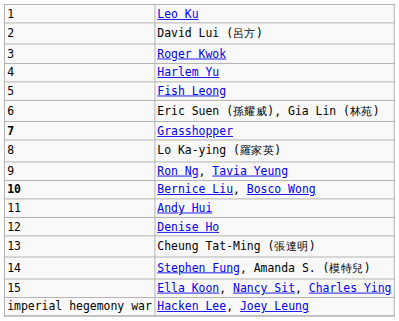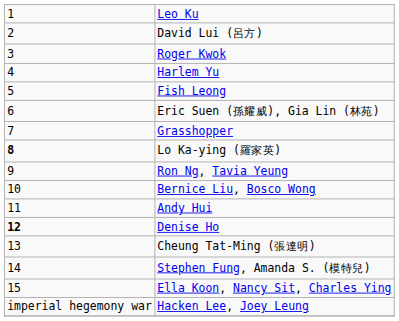 <table class="wikitable">
 <tr>
 <td>1</td>
 <td><a href='#'>Leo Ku</a></td>
 </tr>
 <tr>
 <td>2</td>
 <td>David Lui (呂方)</td>
 </tr>
 <tr>
 <td>3</td>
 <td><a href='#'>Roger Kwok</a></td>
 </tr>
 <tr>
 <td>4</td>
 <td><a href='#'>Harlem Yu</a></td>
 </tr>
 <tr>
 <td>5</td>
 <td><a href='#'>Fish Leong</a></td>
 </tr>
 <tr>
 <td>6</td>
 <td>Eric Suen (孫耀威), Gia Lin (林苑)</td>
 </tr>
 <tr>
-<td><strong>7</strong></td>
+<td>7</td>
 <td><a href='#'>Grasshopper</a></td>
 </tr>
 <tr>
-<td>8</td>
+<td><strong>8</strong></td>
 <td>Lo Ka-ying (羅家英)</td>
 </tr>
 <tr>
 <td>9</td>
 <td><a href='#'>Ron Ng</a>, <a href='#'>Tavia Yeung</a></td>
 </tr>
 <tr>
-<td><strong>10</strong></td>
+<td>10</td>
 <td><a href='#'>Bernice Liu</a>, <a href='#'>Bosco Wong</a></td>
 </tr>
 <tr>
 <td>11</td>
 <td><a href='#'>Andy Hui</a></td>
 </tr>
 <tr>
-<td>12</td>
+<td><strong>12</strong></td>
 <td><a href='#'>Denise Ho</a></td>
 </tr>
 <tr>
 <td>13</td>
 <td>Cheung Tat-Ming (張達明)</td>
 </tr>
 <tr>
 <td>14</td>
 <td><a href='#'>Stephen Fung</a>, Amanda S. (模特兒)</td>
 </tr>
 <tr>
 <td>15</td>
 <td><a href='#'>Ella Koon</a>, <a href='#'>Nancy Sit</a>, <a href='#'>Charles Ying</a></td>
 </tr>
 <tr>
 <td>imperial hegemony war</td>
 <td><a href='#'>Hacken Lee</a>, <a href='#'>Joey Leung</a></td>
 </tr>
 <tr>
 </tr>
 </table>
